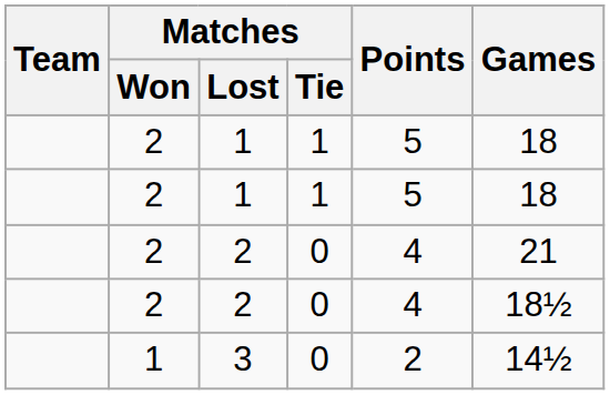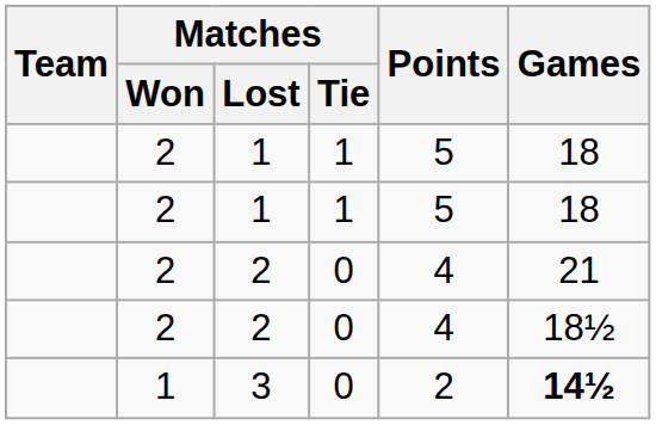 <table class="wikitable" style="text-align:center">
 <tr>
 <th rowspan=2>Team</th>
 <th colspan=3>Matches</th>
 <th rowspan=2>Points</th>
 <th rowspan=2>Games</th>
 </tr>
 <tr>
 <th>Won</th>
 <th>Lost</th>
 <th>Tie</th>
 </tr>
 <tr>
 <td align=left></td>
 <td>2</td>
 <td>1</td>
 <td>1</td>
 <td>5</td>
 <td>18</td>
 </tr>
 <tr>
 <td align=left></td>
 <td>2</td>
 <td>1</td>
 <td>1</td>
 <td>5</td>
 <td>18</td>
 </tr>
 <tr>
 <td align=left></td>
 <td>2</td>
 <td>2</td>
 <td>0</td>
 <td>4</td>
 <td>21</td>
 </tr>
 <tr>
 <td align=left></td>
 <td>2</td>
 <td>2</td>
 <td>0</td>
 <td>4</td>
 <td>18½</td>
 </tr>
 <tr>
 <td align=left></td>
 <td>1</td>
 <td>3</td>
 <td>0</td>
 <td>2</td>
-<td>14½</td>
+<td><strong>14½</strong></td>
 </tr>
 </table>
